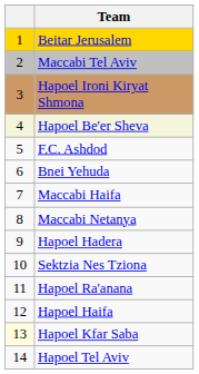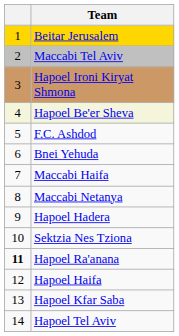 <table class="wikitable" style="font-size: 95%; text-align: center;">
 <tr>
 <th width=25></th>
 <th width=165>Team</th>
 </tr>
 <tr style="background:gold;">
 <td>1</td>
 <td style="text-align:left;"><a href='#'>Beitar Jerusalem</a></td>
 </tr>
 <tr style="background:silver;">
 <td>2</td>
 <td style="text-align:left;"><a href='#'>Maccabi Tel Aviv</a></td>
 </tr>
 <tr style="background:#c96;">
 <td>3</td>
 <td style="text-align:left;"><a href='#'>Hapoel Ironi Kiryat Shmona</a></td>
 </tr>
 <tr style="background:beige;">
 <td>4</td>
 <td style="text-align:left;"><a href='#'>Hapoel Be'er Sheva</a></td>
 </tr>
 <tr>
 <td>5</td>
 <td style="text-align:left;"><a href='#'>F.C. Ashdod</a></td>
 </tr>
 <tr>
 <td>6</td>
 <td style="text-align:left;"><a href='#'>Bnei Yehuda</a></td>
 </tr>
 <tr>
 <td>7</td>
 <td style="text-align:left;"><a href='#'>Maccabi Haifa</a></td>
 </tr>
 <tr>
 <td>8</td>
 <td style="text-align:left;"><a href='#'>Maccabi Netanya</a></td>
 </tr>
 <tr>
 <td>9</td>
 <td style="text-align:left;"><a href='#'>Hapoel Hadera</a></td>
 </tr>
 <tr>
 <td>10</td>
 <td style="text-align:left;"><a href='#'>Sektzia Nes Tziona</a></td>
 </tr>
 <tr>
-<td>11</td>
+<td><strong>11</strong></td>
 <td style="text-align:left;"><a href='#'>Hapoel Ra'anana</a></td>
 </tr>
 <tr>
 <td>12</td>
 <td style="text-align:left;"><a href='#'>Hapoel Haifa</a></td>
 </tr>
 <tr>
-<td style="background: lightyellow;">13</td>
+<td>13</td>
 <td style="text-align:left;"><a href='#'>Hapoel Kfar Saba</a></td>
 </tr>
 <tr>
 <td>14</td>
 <td style="text-align:left;"><a href='#'>Hapoel Tel Aviv</a></td>
 </tr>
 </table>
